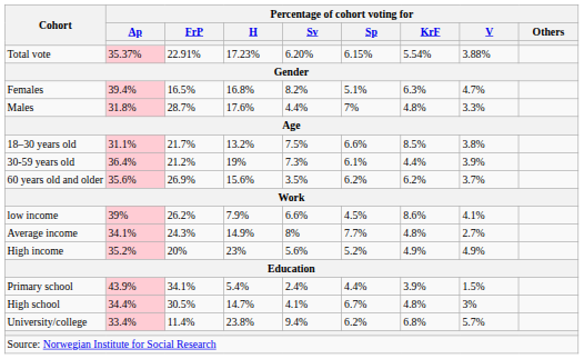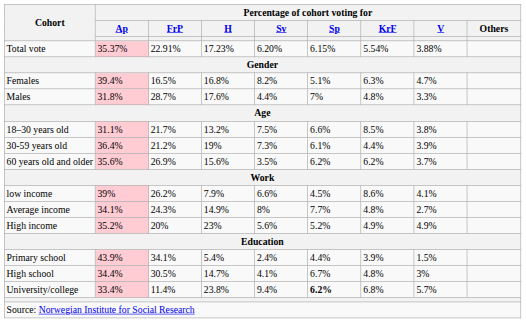 <table class="wikitable" style="font-size:95%;">
 <tr>
 <th rowspan="3">Cohort</th>
 <th colspan="8">Percentage of cohort voting for</th>
 </tr>
 <tr>
 <th scope="col" style="width:5em;"><a href='#'>Ap</a></th>
 <th scope="col" style="width:5em;"><a href='#'>FrP</a></th>
 <th scope="col" style="width:5em;"><a href='#'>H</a></th>
 <th scope="col" style="width:5em;"><a href='#'>Sv</a></th>
 <th scope="col" style="width:5em;"><a href='#'>Sp</a></th>
 <th scope="col" style="width:5em;"><a href='#'>KrF</a></th>
 <th scope="col" style="width:5em;"><a href='#'>V</a></th>
 <th scope="col" style="width:5em;">Others</th>
 </tr>
 <tr>
 <th style="background:"></th>
 <th style="background:"></th>
 <th style="background:"></th>
 <th style="background:"></th>
 <th style="background:"></th>
 <th style="background:"></th>
 <th style="background:"></th>
 <th style="background:"></th>
 </tr>
 <tr>
 <td>Total vote</td>
 <td style="background:#ffccd4;">35.37%</td>
 <td>22.91%</td>
 <td>17.23%</td>
 <td>6.20%</td>
 <td>6.15%</td>
 <td>5.54%</td>
 <td>3.88%</td>
 <td></td>
 </tr>
 <tr>
 <th colspan="9">Gender</th>
 </tr>
 <tr>
 <td>Females</td>
 <td style="background:#ffccd4;">39.4%</td>
 <td>16.5%</td>
 <td>16.8%</td>
 <td>8.2%</td>
 <td>5.1%</td>
 <td>6.3%</td>
 <td>4.7%</td>
 <td></td>
 </tr>
 <tr>
 <td>Males</td>
 <td style="background:#ffccd4;">31.8%</td>
 <td>28.7%</td>
 <td>17.6%</td>
 <td>4.4%</td>
 <td>7%</td>
 <td>4.8%</td>
 <td>3.3%</td>
 <td></td>
 </tr>
 <tr>
 <th colspan="9">Age</th>
 </tr>
 <tr>
 <td>18–30 years old</td>
 <td style="background:#ffccd4;">31.1%</td>
 <td>21.7%</td>
 <td>13.2%</td>
 <td>7.5%</td>
 <td>6.6%</td>
 <td>8.5%</td>
 <td>3.8%</td>
 <td></td>
 </tr>
 <tr>
 <td>30-59 years old</td>
 <td style="background:#ffccd4;">36.4%</td>
 <td>21.2%</td>
 <td>19%</td>
 <td>7.3%</td>
 <td>6.1%</td>
 <td>4.4%</td>
 <td>3.9%</td>
 <td></td>
 </tr>
 <tr>
 <td>60 years old and older</td>
 <td style="background:#ffccd4;">35.6%</td>
 <td>26.9%</td>
 <td>15.6%</td>
 <td>3.5%</td>
 <td>6.2%</td>
 <td>6.2%</td>
 <td>3.7%</td>
 <td></td>
 </tr>
 <tr>
 <th colspan="9">Work</th>
 </tr>
 <tr>
 <td>low income</td>
 <td style="background:#ffccd4;">39%</td>
 <td>26.2%</td>
 <td>7.9%</td>
 <td>6.6%</td>
 <td>4.5%</td>
 <td>8.6%</td>
 <td>4.1%</td>
 <td></td>
 </tr>
 <tr>
 <td>Average income</td>
 <td style="background:#ffccd4;">34.1%</td>
 <td>24.3%</td>
 <td>14.9%</td>
 <td>8%</td>
 <td>7.7%</td>
 <td>4.8%</td>
 <td>2.7%</td>
 <td></td>
 </tr>
 <tr>
 <td>High income</td>
 <td style="background:#ffccd4;">35.2%</td>
 <td>20%</td>
 <td>23%</td>
 <td>5.6%</td>
 <td>5.2%</td>
 <td>4.9%</td>
 <td>4.9%</td>
 <td></td>
 </tr>
 <tr>
 <th colspan="9">Education</th>
 </tr>
 <tr>
 <td>Primary school</td>
 <td style="background:#ffccd4;">43.9%</td>
 <td>34.1%</td>
 <td>5.4%</td>
 <td>2.4%</td>
 <td>4.4%</td>
 <td>3.9%</td>
 <td>1.5%</td>
 <td></td>
 </tr>
 <tr>
 <td>High school</td>
 <td style="background:#ffccd4;">34.4%</td>
 <td>30.5%</td>
 <td>14.7%</td>
 <td>4.1%</td>
 <td>6.7%</td>
 <td>4.8%</td>
 <td>3%</td>
 <td></td>
 </tr>
 <tr>
 <td>University/college</td>
 <td style="background:#ffccd4;">33.4%</td>
 <td>11.4%</td>
 <td>23.8%</td>
 <td>9.4%</td>
-<td>6.2%</td>
+<td><strong>6.2%</strong></td>
 <td>6.8%</td>
 <td>5.7%</td>
 <td></td>
 </tr>
 <tr>
 <th colspan="11!"></th>
 </tr>
 <tr>
 <td colspan="9">Source: <a href='#'>Norwegian Institute for Social Research</a></td>
 </tr>
 </table>
